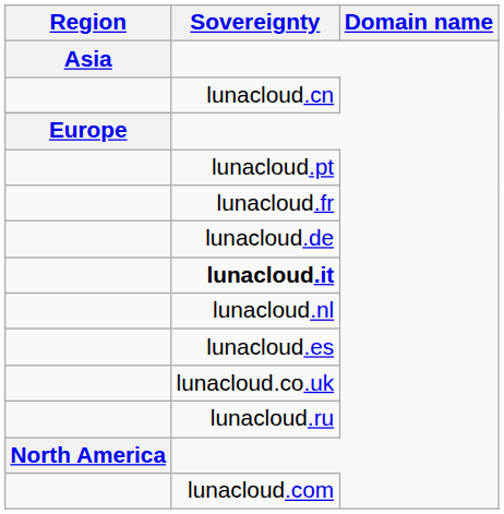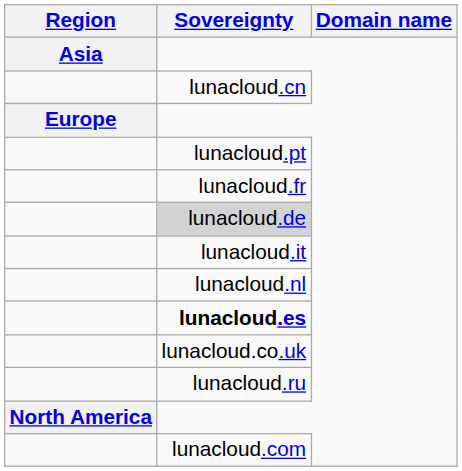 <table class="wikitable" style="text-align:right">
 <tr>
 <th scope="col"><a href='#'>Region</a></th>
 <th scope="col"><a href='#'>Sovereignty</a></th>
 <th scope="col"><a href='#'>Domain name</a></th>
 </tr>
 <tr>
 <th><a href='#'>Asia</a></th>
 </tr>
 <tr>
 <td></td>
 <td>lunacloud<a href='#'>.cn</a></td>
 </tr>
 <tr>
 </tr>
 <tr>
 <th><a href='#'>Europe</a></th>
 </tr>
 <tr>
 <td></td>
 <td>lunacloud<a href='#'>.pt</a></td>
 </tr>
 <tr>
 <td></td>
 <td>lunacloud<a href='#'>.fr</a></td>
 </tr>
 <tr>
 <td></td>
-<td>lunacloud<a href='#'>.de</a></td>
+<td style="background: lightgrey;">lunacloud<a href='#'>.de</a></td>
 </tr>
 <tr>
 <td></td>
-<td><strong>lunacloud<a href='#'>.it</a></strong></td>
+<td>lunacloud<a href='#'>.it</a></td>
 </tr>
 <tr>
 <td></td>
 <td>lunacloud<a href='#'>.nl</a></td>
 </tr>
 <tr>
 <td></td>
-<td>lunacloud<a href='#'>.es</a></td>
+<td><strong>lunacloud<a href='#'>.es</a></strong></td>
 </tr>
 <tr>
 <td></td>
 <td>lunacloud.co<a href='#'>.uk</a></td>
 </tr>
 <tr>
 <td></td>
 <td>lunacloud<a href='#'>.ru</a></td>
 </tr>
 <tr>
 <th><a href='#'>North America</a></th>
 </tr>
 <tr>
 <td></td>
 <td>lunacloud<a href='#'>.com</a></td>
 </tr>
 </table>
